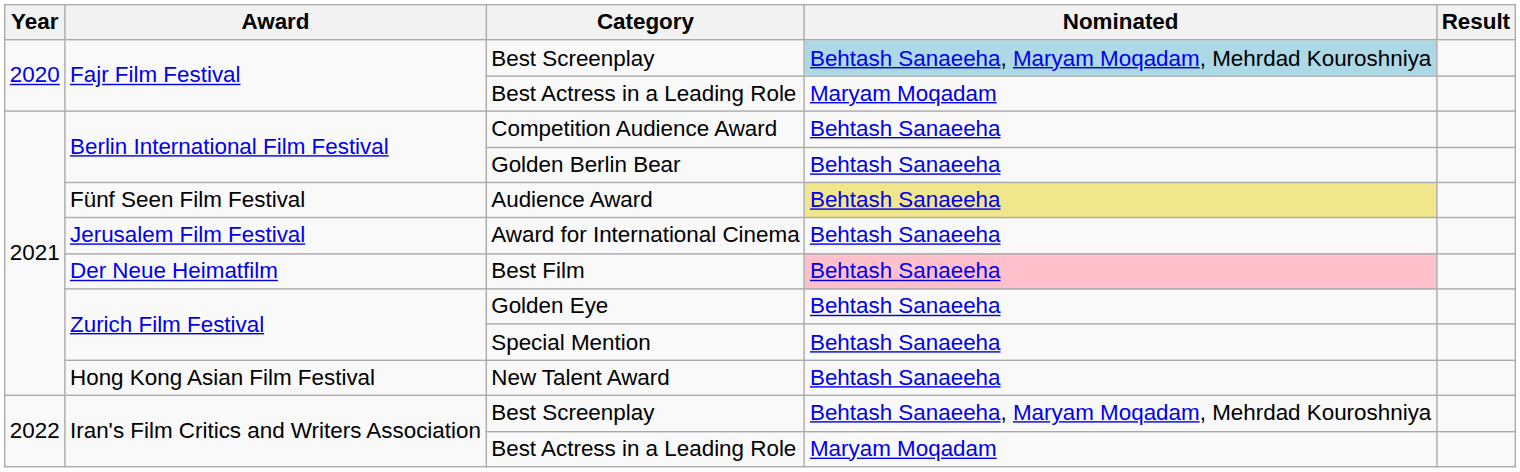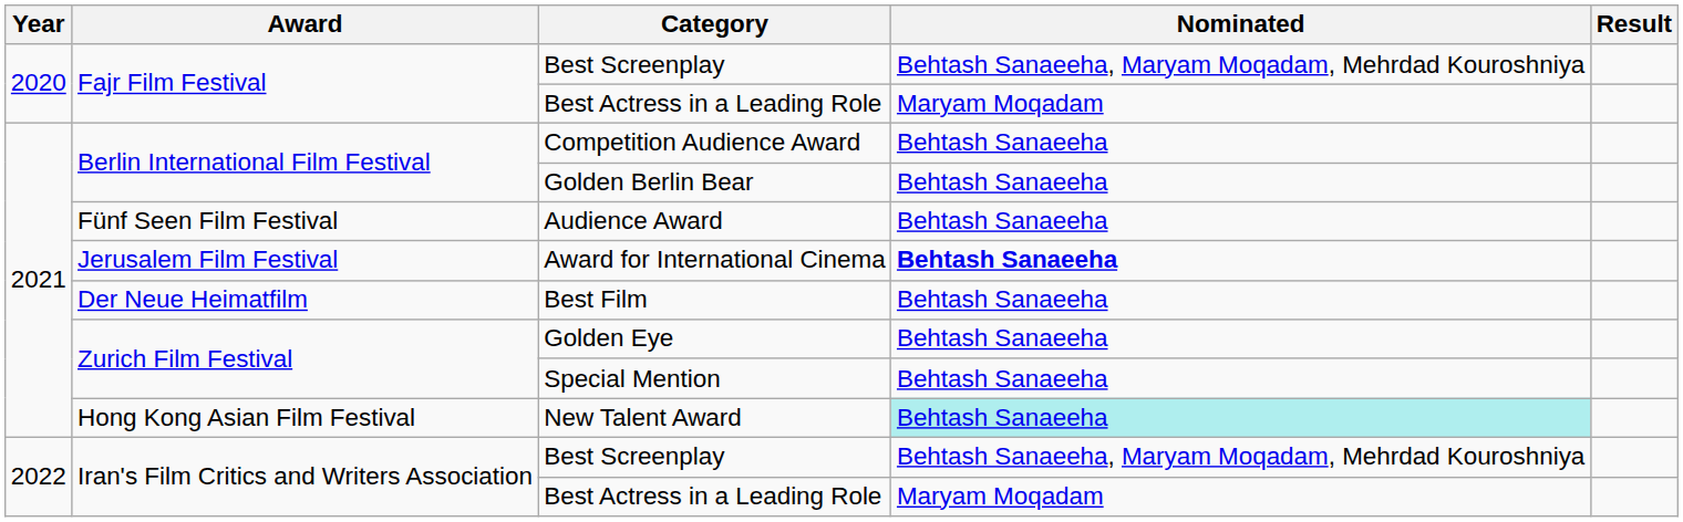 <table class="wikitable">
 <tr>
 <th>Year</th>
 <th>Award</th>
 <th>Category</th>
 <th>Nominated</th>
 <th>Result</th>
 </tr>
 <tr>
 <td rowspan="2"><a href='#'>2020</a></td>
 <td rowspan="2"><a href='#'>Fajr Film Festival</a></td>
 <td>Best Screenplay</td>
-<td style="background: lightblue;"><a href='#'>Behtash Sanaeeha</a>, <a href='#'>Maryam Moqadam</a>, Mehrdad Kouroshniya</td>
+<td><a href='#'>Behtash Sanaeeha</a>, <a href='#'>Maryam Moqadam</a>, Mehrdad Kouroshniya</td>
 <td></td>
 </tr>
 <tr>
 <td>Best Actress in a Leading Role</td>
 <td><a href='#'>Maryam Moqadam</a></td>
 <td></td>
 </tr>
 <tr>
 <td rowspan="8">2021</td>
 <td rowspan="2"><a href='#'>Berlin International Film Festival</a></td>
 <td>Competition Audience Award</td>
 <td><a href='#'>Behtash Sanaeeha</a></td>
 <td></td>
 </tr>
 <tr>
 <td>Golden Berlin Bear</td>
 <td><a href='#'>Behtash Sanaeeha</a></td>
 <td></td>
 </tr>
 <tr>
 <td>Fünf Seen Film Festival</td>
 <td>Audience Award</td>
-<td style="background: khaki;"><a href='#'>Behtash Sanaeeha</a></td>
+<td><a href='#'>Behtash Sanaeeha</a></td>
 <td></td>
 </tr>
 <tr>
 <td><a href='#'>Jerusalem Film Festival</a></td>
 <td>Award for International Cinema</td>
-<td><a href='#'>Behtash Sanaeeha</a></td>
+<td><strong><a href='#'>Behtash Sanaeeha</a></strong></td>
 <td></td>
 </tr>
 <tr>
 <td><a href='#'>Der Neue Heimatfilm</a></td>
 <td>Best Film</td>
-<td style="background: pink;"><a href='#'>Behtash Sanaeeha</a></td>
+<td><a href='#'>Behtash Sanaeeha</a></td>
 <td></td>
 </tr>
 <tr>
 <td rowspan="2"><a href='#'>Zurich Film Festival</a></td>
 <td>Golden Eye</td>
 <td><a href='#'>Behtash Sanaeeha</a></td>
 <td></td>
 </tr>
 <tr>
 <td>Special Mention</td>
 <td><a href='#'>Behtash Sanaeeha</a></td>
 <td></td>
 </tr>
 <tr>
 <td>Hong Kong Asian Film Festival</td>
 <td>New Talent Award</td>
-<td><a href='#'>Behtash Sanaeeha</a></td>
+<td style="background: paleturquoise;"><a href='#'>Behtash Sanaeeha</a></td>
 <td></td>
 </tr>
 <tr>
 <td rowspan="2">2022</td>
 <td rowspan="2">Iran's Film Critics and Writers Association</td>
 <td>Best Screenplay</td>
 <td><a href='#'>Behtash Sanaeeha</a>, <a href='#'>Maryam Moqadam</a>, Mehrdad Kouroshniya</td>
 <td></td>
 </tr>
 <tr>
 <td>Best Actress in a Leading Role</td>
 <td><a href='#'>Maryam Moqadam</a></td>
 <td></td>
 </tr>
 </table>
